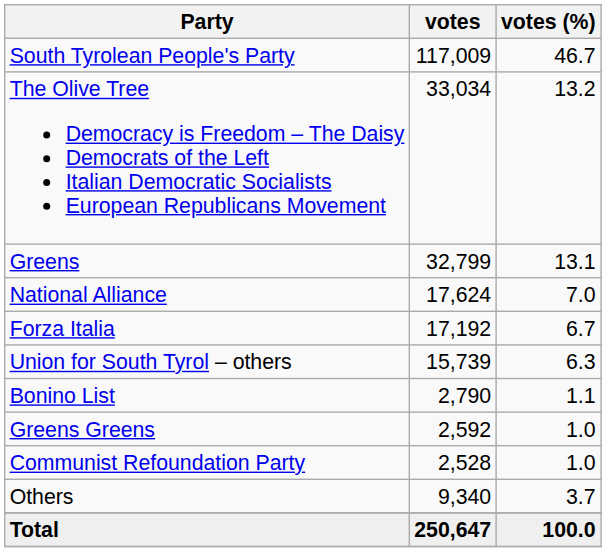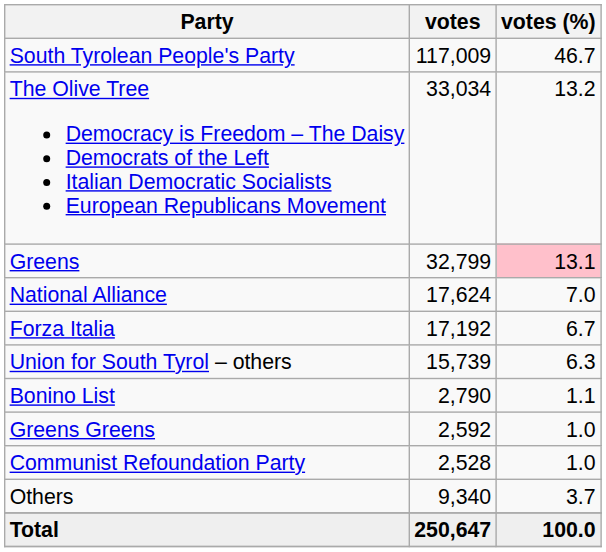 <table class="wikitable" style="font-size:95%">
 <tr bgcolor="EFEFEF">
 <th>Party</th>
 <th>votes</th>
 <th>votes (%)</th>
 </tr>
 <tr>
 <td><a href='#'>South Tyrolean People's Party</a></td>
 <td align=right>117,009</td>
 <td align=right>46.7</td>
 </tr>
 <tr>
 <td><a href='#'>The Olive Tree</a><br><ul><li><a href='#'>Democracy is Freedom – The Daisy</a></li><li><a href='#'>Democrats of the Left</a></li><li><a href='#'>Italian Democratic Socialists</a></li><li><a href='#'>European Republicans Movement</a></li></ul></td>
 <td align=right valign=top>33,034</td>
 <td align=right valign=top>13.2</td>
 </tr>
 <tr>
 <td><a href='#'>Greens</a></td>
 <td align=right>32,799</td>
-<td align=right>13.1</td>
+<td align=right style="background: pink;">13.1</td>
 </tr>
 <tr>
 <td><a href='#'>National Alliance</a></td>
 <td align=right>17,624</td>
 <td align=right>7.0</td>
 </tr>
 <tr>
 <td><a href='#'>Forza Italia</a></td>
 <td align=right>17,192</td>
 <td align=right>6.7</td>
 </tr>
 <tr>
 <td><a href='#'>Union for South Tyrol</a> – others</td>
 <td align=right>15,739</td>
 <td align=right>6.3</td>
 </tr>
 <tr>
 <td><a href='#'>Bonino List</a></td>
 <td align=right>2,790</td>
 <td align=right>1.1</td>
 </tr>
 <tr>
 <td><a href='#'>Greens Greens</a></td>
 <td align=right>2,592</td>
 <td align=right>1.0</td>
 </tr>
 <tr>
 <td><a href='#'>Communist Refoundation Party</a></td>
 <td align=right>2,528</td>
 <td align=right>1.0</td>
 </tr>
 <tr>
 <td>Others</td>
 <td align=right>9,340</td>
 <td align=right>3.7</td>
 </tr>
 <tr>
 </tr>
 <tr bgcolor="EFEFEF">
 <td><strong>Total</strong></td>
 <td align=right><strong>250,647</strong></td>
 <td align=right><strong>100.0</strong></td>
 </tr>
 <tr>
 </tr>
 </table>
